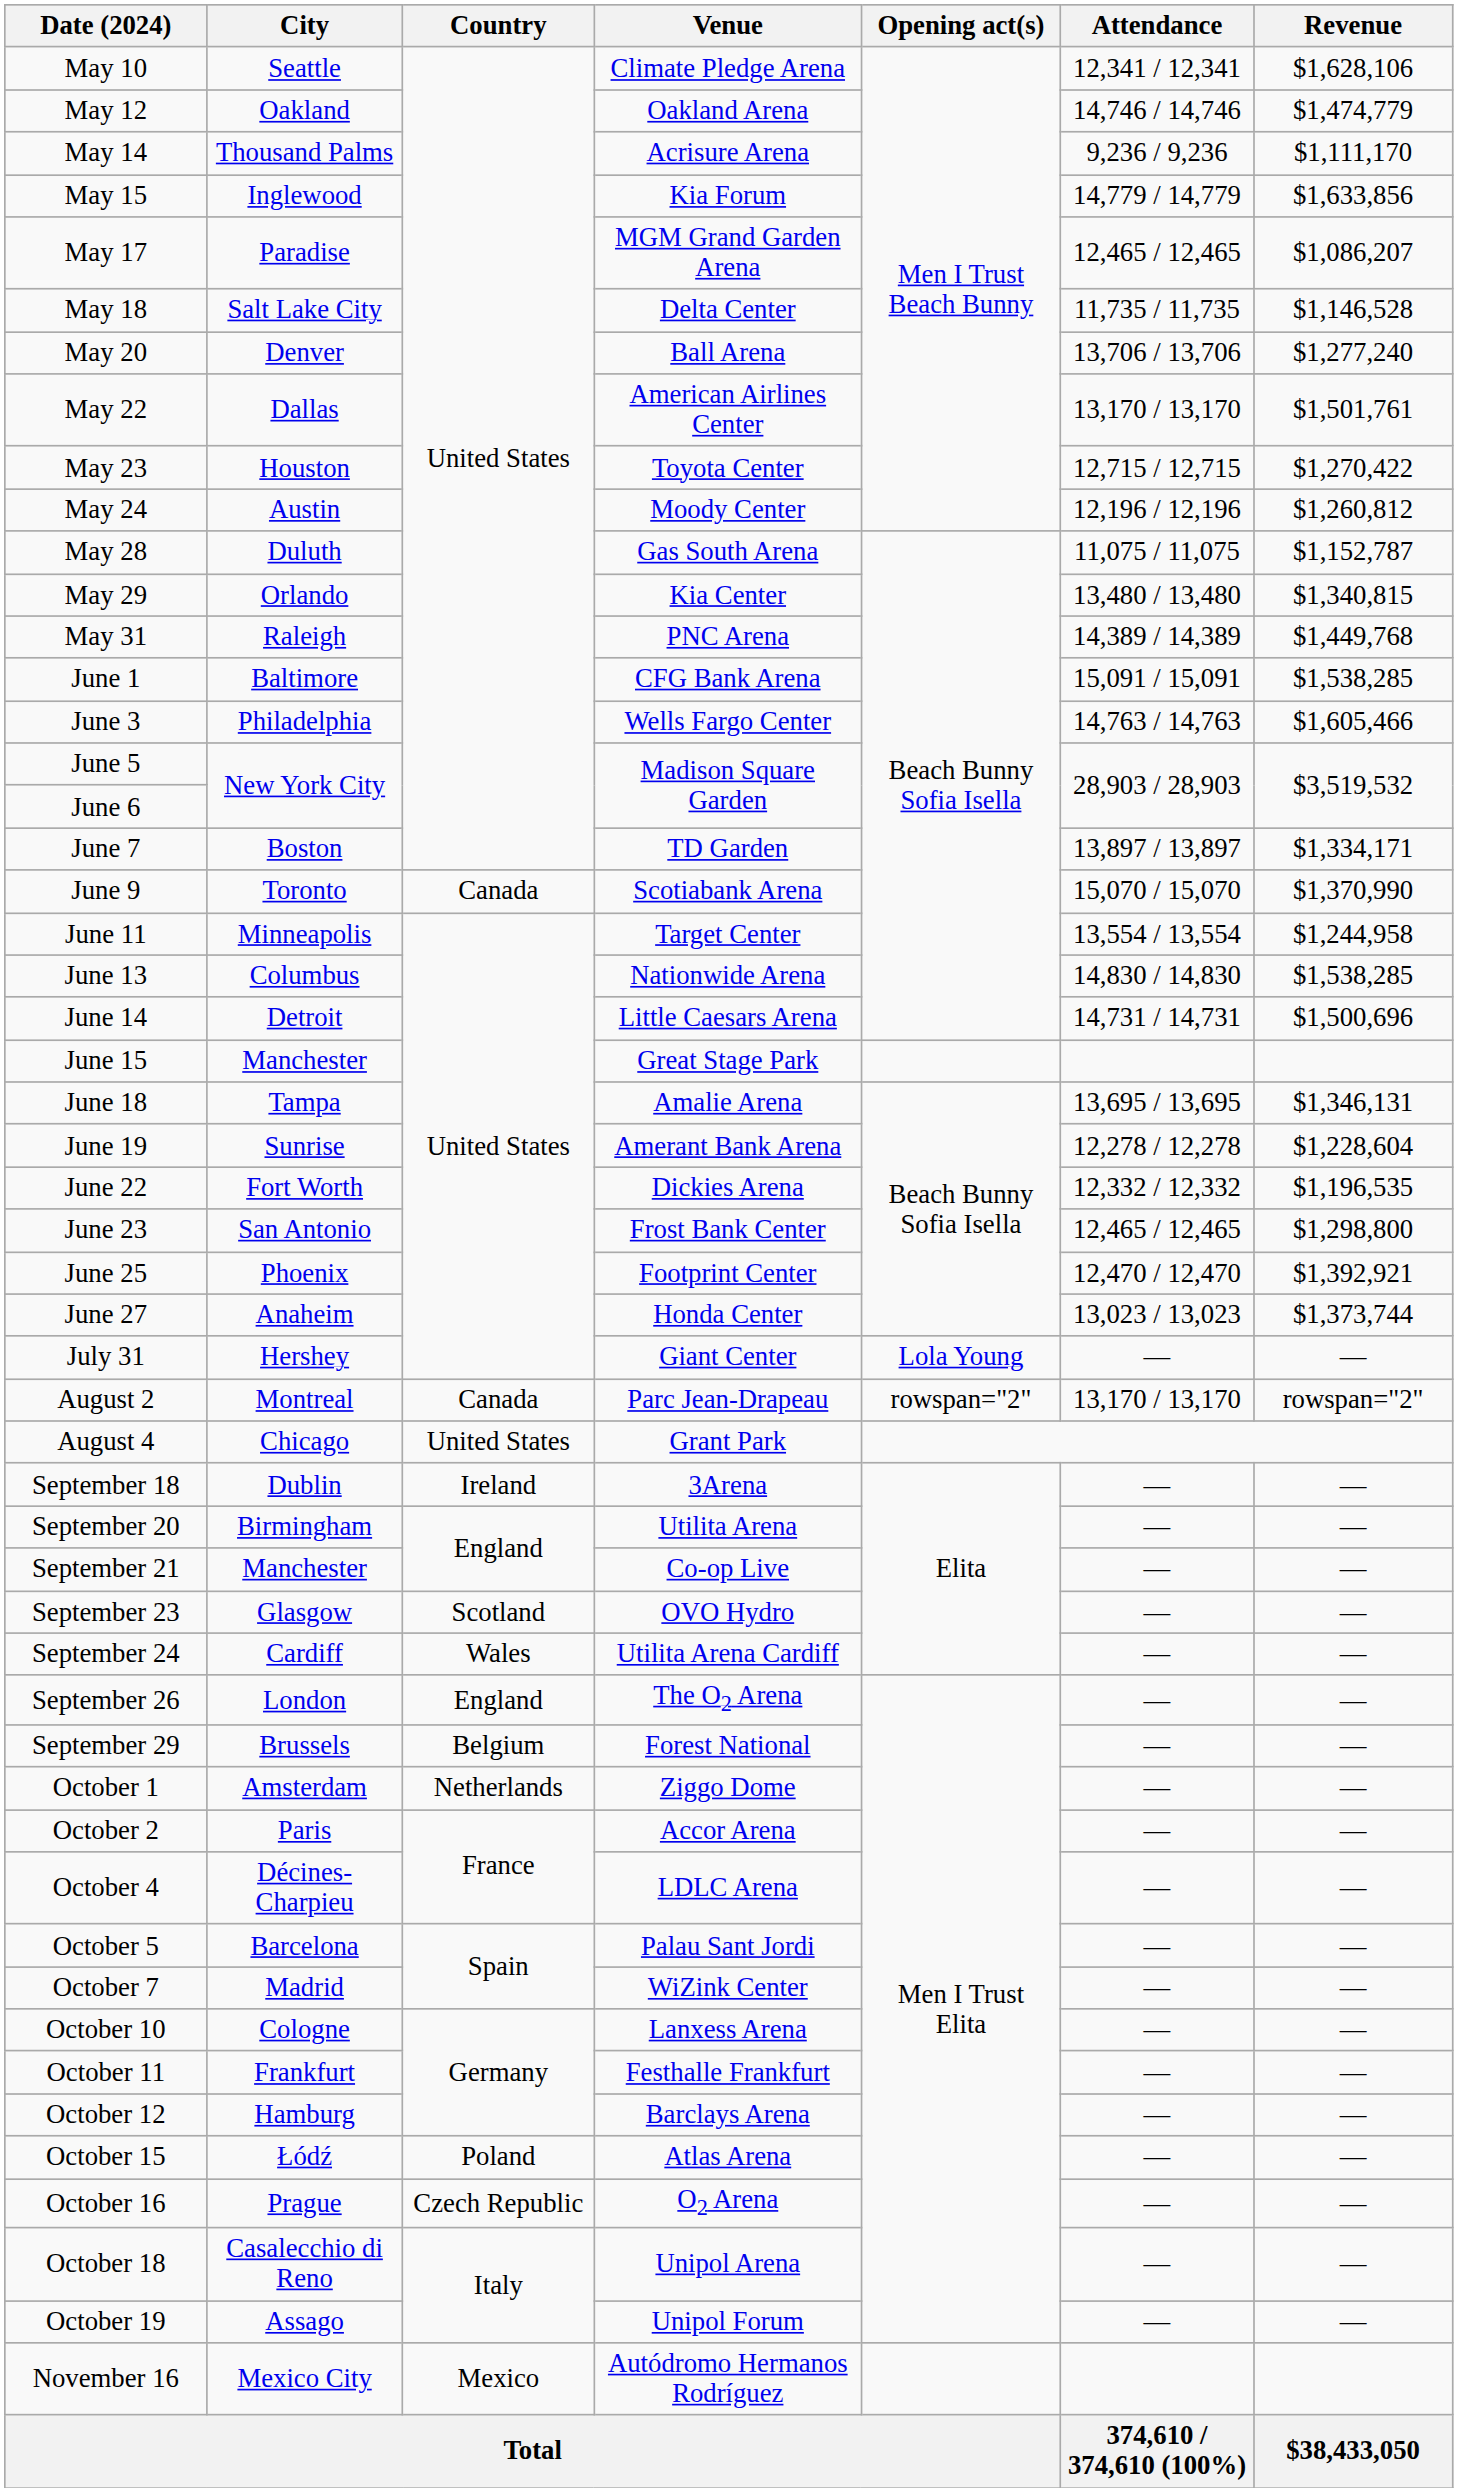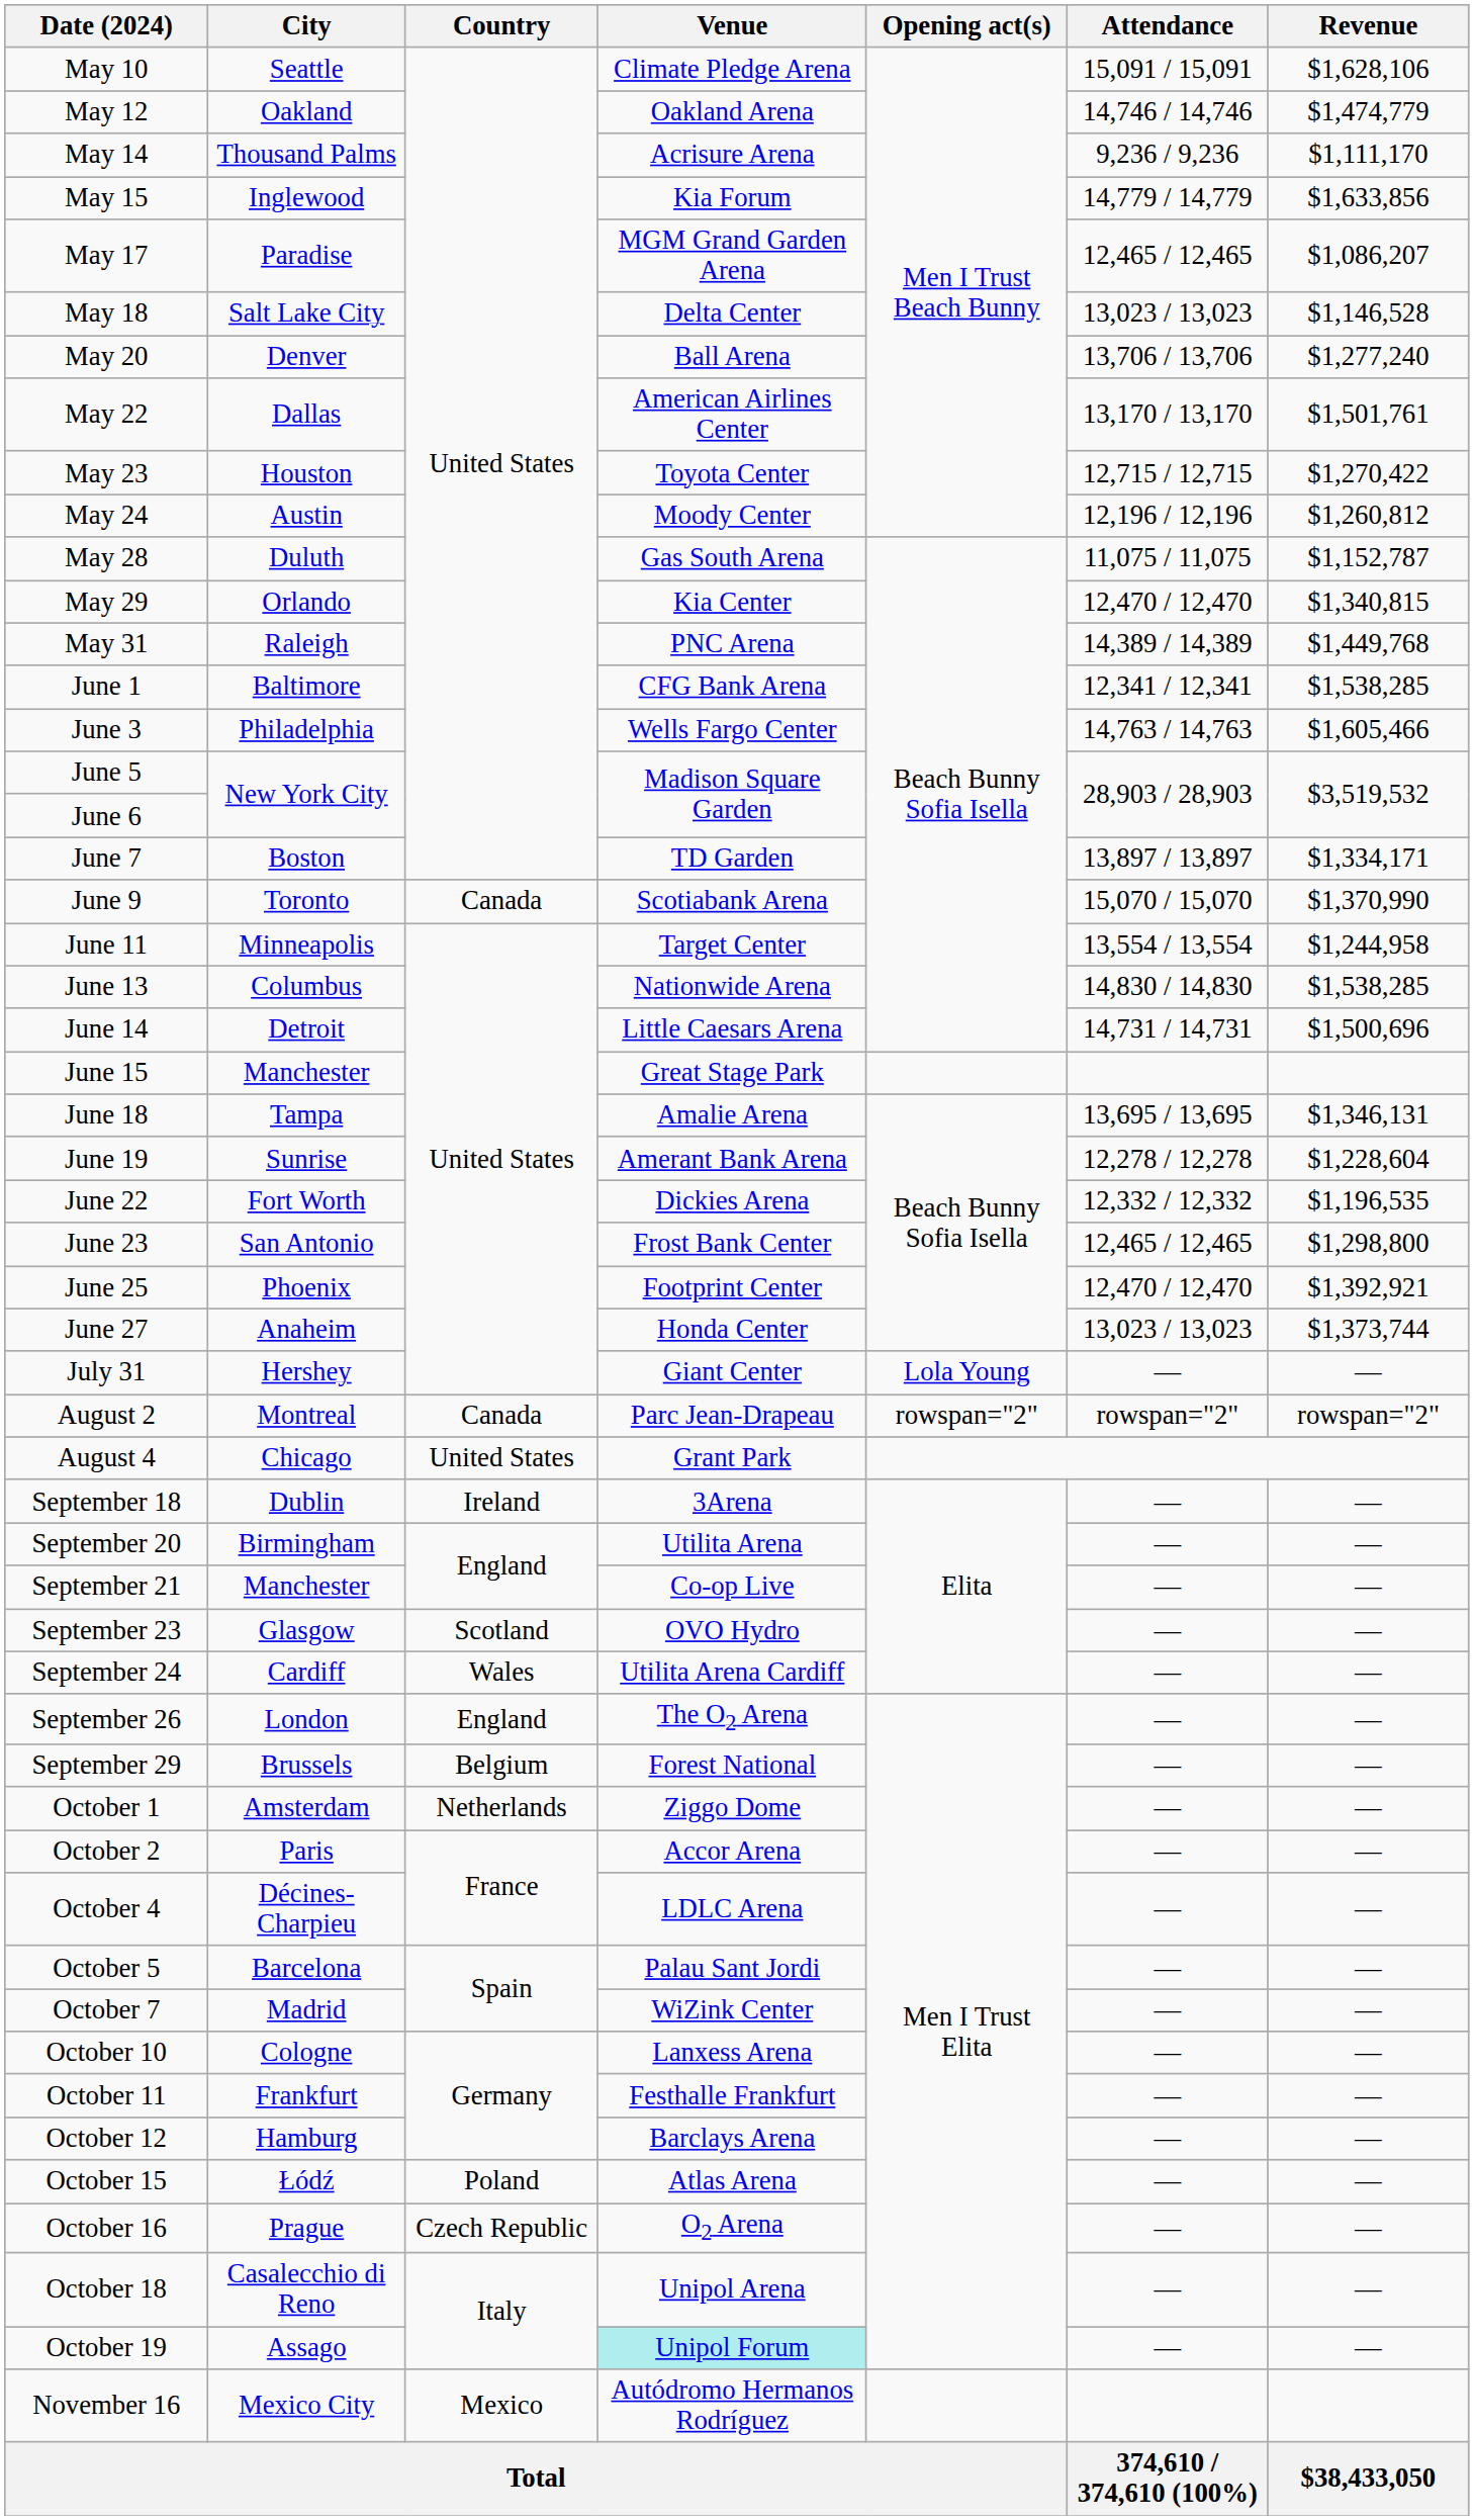 <table class="wikitable plainrowheaders" style="text-align:center;">
 <tr>
 <th scope="col" style="width:12em;">Date (2024)</th>
 <th scope="col" style="width:10em;">City</th>
 <th scope="col" style="width:10em;">Country</th>
 <th scope="col" style="width:18em;">Venue</th>
 <th scope="col" style="width:10em;">Opening act(s)</th>
 <th scope="col" style="width:10em;">Attendance</th>
 <th scope="col" style="width:10em;">Revenue</th>
 </tr>
 <tr>
 <td>May 10</td>
 <td><a href='#'>Seattle</a></td>
 <td rowspan="18">United States</td>
 <td><a href='#'>Climate Pledge Arena</a></td>
 <td rowspan="10"><a href='#'>Men I Trust</a> <br> <a href='#'>Beach Bunny</a></td>
-<td>12,341 / 12,341</td>
+<td>15,091 / 15,091</td>
 <td>$1,628,106</td>
 </tr>
 <tr>
 <td>May 12</td>
 <td><a href='#'>Oakland</a></td>
 <td><a href='#'>Oakland Arena</a></td>
 <td>14,746 / 14,746</td>
 <td>$1,474,779</td>
 </tr>
 <tr>
 <td>May 14</td>
 <td><a href='#'>Thousand Palms</a></td>
 <td><a href='#'>Acrisure Arena</a></td>
 <td>9,236 / 9,236</td>
 <td>$1,111,170</td>
 </tr>
 <tr>
 <td>May 15</td>
 <td><a href='#'> Inglewood</a></td>
 <td><a href='#'>Kia Forum</a></td>
 <td>14,779 / 14,779</td>
 <td>$1,633,856</td>
 </tr>
 <tr>
 <td>May 17</td>
 <td><a href='#'>Paradise</a></td>
 <td><a href='#'>MGM Grand Garden Arena</a></td>
 <td>12,465 / 12,465</td>
 <td>$1,086,207</td>
 </tr>
 <tr>
 <td>May 18</td>
 <td><a href='#'>Salt Lake City</a></td>
 <td><a href='#'>Delta Center</a></td>
-<td>11,735 / 11,735</td>
+<td>13,023 / 13,023</td>
 <td>$1,146,528</td>
 </tr>
 <tr>
 <td>May 20</td>
 <td><a href='#'>Denver</a></td>
 <td><a href='#'>Ball Arena</a></td>
 <td>13,706 / 13,706</td>
 <td>$1,277,240</td>
 </tr>
 <tr>
 <td>May 22</td>
 <td><a href='#'>Dallas</a></td>
 <td><a href='#'>American Airlines Center</a></td>
 <td>13,170 / 13,170</td>
 <td>$1,501,761</td>
 </tr>
 <tr>
 <td>May 23</td>
 <td><a href='#'>Houston</a></td>
 <td><a href='#'>Toyota Center</a></td>
 <td>12,715 / 12,715</td>
 <td>$1,270,422</td>
 </tr>
 <tr>
 <td>May 24</td>
 <td><a href='#'>Austin</a></td>
 <td><a href='#'>Moody Center</a></td>
 <td>12,196 / 12,196</td>
 <td>$1,260,812</td>
 </tr>
 <tr>
 <td>May 28</td>
 <td><a href='#'> Duluth</a></td>
 <td><a href='#'>Gas South Arena</a></td>
 <td rowspan="12">Beach Bunny <br> <a href='#'>Sofia Isella</a></td>
 <td>11,075 / 11,075</td>
 <td>$1,152,787</td>
 </tr>
 <tr>
 <td>May 29</td>
 <td><a href='#'>Orlando</a></td>
 <td><a href='#'>Kia Center</a></td>
-<td>13,480 / 13,480</td>
+<td>12,470 / 12,470</td>
 <td>$1,340,815</td>
 </tr>
 <tr>
 <td>May 31</td>
 <td><a href='#'>Raleigh</a></td>
 <td><a href='#'>PNC Arena</a></td>
 <td>14,389 / 14,389</td>
 <td>$1,449,768</td>
 </tr>
 <tr>
 <td>June 1</td>
 <td><a href='#'>Baltimore</a></td>
 <td><a href='#'>CFG Bank Arena</a></td>
-<td>15,091 / 15,091</td>
+<td>12,341 / 12,341</td>
 <td>$1,538,285</td>
 </tr>
 <tr>
 <td>June 3</td>
 <td><a href='#'> Philadelphia</a></td>
 <td><a href='#'>Wells Fargo Center</a></td>
 <td>14,763 / 14,763</td>
 <td>$1,605,466</td>
 </tr>
 <tr>
 <td>June 5</td>
 <td rowspan="2"><a href='#'>New York City</a></td>
 <td rowspan="2"><a href='#'>Madison Square Garden</a></td>
 <td rowspan="2">28,903 / 28,903</td>
 <td rowspan="2">$3,519,532</td>
 </tr>
 <tr>
 <td>June 6</td>
 </tr>
 <tr>
 <td>June 7</td>
 <td><a href='#'>Boston</a></td>
 <td><a href='#'>TD Garden</a></td>
 <td>13,897 / 13,897</td>
 <td>$1,334,171</td>
 </tr>
 <tr>
 <td>June 9</td>
 <td><a href='#'>Toronto</a></td>
 <td>Canada</td>
 <td><a href='#'>Scotiabank Arena</a></td>
 <td>15,070 / 15,070</td>
 <td>$1,370,990</td>
 </tr>
 <tr>
 <td>June 11</td>
 <td><a href='#'>Minneapolis</a></td>
 <td rowspan="11">United States</td>
 <td><a href='#'>Target Center</a></td>
 <td>13,554 / 13,554</td>
 <td>$1,244,958</td>
 </tr>
 <tr>
 <td>June 13</td>
 <td><a href='#'>Columbus</a></td>
 <td><a href='#'>Nationwide Arena</a></td>
 <td>14,830 / 14,830</td>
 <td>$1,538,285</td>
 </tr>
 <tr>
 <td>June 14</td>
 <td><a href='#'>Detroit</a></td>
 <td><a href='#'>Little Caesars Arena</a></td>
 <td>14,731 / 14,731</td>
 <td>$1,500,696</td>
 </tr>
 <tr>
 <td>June 15</td>
 <td><a href='#'>Manchester</a></td>
 <td><a href='#'>Great Stage Park</a></td>
 <td></td>
 <td></td>
 <td></td>
 </tr>
 <tr>
 <td>June 18</td>
 <td><a href='#'>Tampa</a></td>
 <td><a href='#'>Amalie Arena</a></td>
 <td rowspan="6">Beach Bunny <br> Sofia Isella</td>
 <td>13,695 / 13,695</td>
 <td>$1,346,131</td>
 </tr>
 <tr>
 <td>June 19</td>
 <td><a href='#'>Sunrise</a></td>
 <td><a href='#'>Amerant Bank Arena</a></td>
 <td>12,278 / 12,278</td>
 <td>$1,228,604</td>
 </tr>
 <tr>
 <td>June 22</td>
 <td><a href='#'>Fort Worth</a></td>
 <td><a href='#'>Dickies Arena</a></td>
 <td>12,332 / 12,332</td>
 <td>$1,196,535</td>
 </tr>
 <tr>
 <td>June 23</td>
 <td><a href='#'>San Antonio</a></td>
 <td><a href='#'>Frost Bank Center</a></td>
 <td>12,465 / 12,465</td>
 <td>$1,298,800</td>
 </tr>
 <tr>
 <td>June 25</td>
 <td><a href='#'>Phoenix</a></td>
 <td><a href='#'>Footprint Center</a></td>
 <td>12,470 / 12,470</td>
 <td>$1,392,921</td>
 </tr>
 <tr>
 <td>June 27</td>
 <td><a href='#'>Anaheim</a></td>
 <td><a href='#'>Honda Center</a></td>
 <td>13,023 / 13,023</td>
 <td>$1,373,744</td>
 </tr>
 <tr>
 <td>July 31</td>
 <td><a href='#'> Hershey</a></td>
 <td><a href='#'>Giant Center</a></td>
 <td><a href='#'>Lola Young</a></td>
 <td>—</td>
 <td>—</td>
 </tr>
 <tr>
 <td>August 2</td>
 <td><a href='#'>Montreal</a></td>
 <td>Canada</td>
 <td><a href='#'>Parc Jean-Drapeau</a></td>
 <td>rowspan="2" </td>
-<td>13,170 / 13,170</td>
+<td>rowspan="2" </td>
 <td>rowspan="2" </td>
 </tr>
 <tr>
 <td>August 4</td>
 <td><a href='#'>Chicago</a></td>
 <td>United States</td>
 <td><a href='#'> Grant Park</a></td>
 </tr>
 <tr>
 <td>September 18</td>
 <td><a href='#'>Dublin</a></td>
 <td>Ireland</td>
 <td><a href='#'>3Arena</a></td>
 <td rowspan="5">Elita</td>
 <td>—</td>
 <td>—</td>
 </tr>
 <tr>
 <td>September 20</td>
 <td><a href='#'>Birmingham</a></td>
 <td rowspan="2">England</td>
 <td><a href='#'>Utilita Arena</a></td>
 <td>—</td>
 <td>—</td>
 </tr>
 <tr>
 <td>September 21</td>
 <td><a href='#'>Manchester</a></td>
 <td><a href='#'>Co-op Live</a></td>
 <td>—</td>
 <td>—</td>
 </tr>
 <tr>
 <td>September 23</td>
 <td><a href='#'>Glasgow</a></td>
 <td>Scotland</td>
 <td><a href='#'>OVO Hydro</a></td>
 <td>—</td>
 <td>—</td>
 </tr>
 <tr>
 <td>September 24</td>
 <td><a href='#'>Cardiff</a></td>
 <td>Wales</td>
 <td><a href='#'>Utilita Arena Cardiff</a></td>
 <td>—</td>
 <td>—</td>
 </tr>
 <tr>
 <td>September 26</td>
 <td><a href='#'>London</a></td>
 <td>England</td>
 <td><a href='#'>The O<sub>2</sub> Arena</a></td>
 <td rowspan="14">Men I Trust <br> Elita</td>
 <td>—</td>
 <td>—</td>
 </tr>
 <tr>
 <td>September 29</td>
 <td><a href='#'>Brussels</a></td>
 <td>Belgium</td>
 <td><a href='#'>Forest National</a></td>
 <td>—</td>
 <td>—</td>
 </tr>
 <tr>
 <td>October 1</td>
 <td><a href='#'>Amsterdam</a></td>
 <td>Netherlands</td>
 <td><a href='#'>Ziggo Dome</a></td>
 <td>—</td>
 <td>—</td>
 </tr>
 <tr>
 <td>October 2</td>
 <td><a href='#'>Paris</a></td>
 <td rowspan="2">France</td>
 <td><a href='#'>Accor Arena</a></td>
 <td>—</td>
 <td>—</td>
 </tr>
 <tr>
 <td>October 4</td>
 <td><a href='#'>Décines-Charpieu</a></td>
 <td><a href='#'>LDLC Arena</a></td>
 <td>—</td>
 <td>—</td>
 </tr>
 <tr>
 <td>October 5</td>
 <td><a href='#'>Barcelona</a></td>
 <td rowspan="2">Spain</td>
 <td><a href='#'>Palau Sant Jordi</a></td>
 <td>—</td>
 <td>—</td>
 </tr>
 <tr>
 <td>October 7</td>
 <td><a href='#'>Madrid</a></td>
 <td><a href='#'>WiZink Center</a></td>
 <td>—</td>
 <td>—</td>
 </tr>
 <tr>
 <td>October 10</td>
 <td><a href='#'>Cologne</a></td>
 <td rowspan="3">Germany</td>
 <td><a href='#'>Lanxess Arena</a></td>
 <td>—</td>
 <td>—</td>
 </tr>
 <tr>
 <td>October 11</td>
 <td><a href='#'>Frankfurt</a></td>
 <td><a href='#'>Festhalle Frankfurt</a></td>
 <td>—</td>
 <td>—</td>
 </tr>
 <tr>
 <td>October 12</td>
 <td><a href='#'>Hamburg</a></td>
 <td><a href='#'>Barclays Arena</a></td>
 <td>—</td>
 <td>—</td>
 </tr>
 <tr>
 <td>October 15</td>
 <td><a href='#'>Łódź</a></td>
 <td>Poland</td>
 <td><a href='#'>Atlas Arena</a></td>
 <td>—</td>
 <td>—</td>
 </tr>
 <tr>
 <td>October 16</td>
 <td><a href='#'>Prague</a></td>
 <td>Czech Republic</td>
 <td><a href='#'> O<sub>2</sub> Arena</a></td>
 <td>—</td>
 <td>—</td>
 </tr>
 <tr>
 <td>October 18</td>
 <td><a href='#'>Casalecchio di Reno</a></td>
 <td rowspan="2">Italy</td>
 <td><a href='#'>Unipol Arena</a></td>
 <td>—</td>
 <td>—</td>
 </tr>
 <tr>
 <td>October 19</td>
 <td><a href='#'>Assago</a></td>
-<td><a href='#'>Unipol Forum</a></td>
+<td style="background: paleturquoise;"><a href='#'>Unipol Forum</a></td>
 <td>—</td>
 <td>—</td>
 </tr>
 <tr>
 <td>November 16</td>
 <td><a href='#'>Mexico City</a></td>
 <td>Mexico</td>
 <td><a href='#'>Autódromo Hermanos Rodríguez</a></td>
 <td></td>
 <td></td>
 <td></td>
 </tr>
 <tr>
 <th colspan="5">Total</th>
 <th>374,610 / 374,610 (100%)</th>
 <th>$38,433,050</th>
 </tr>
 </table>
